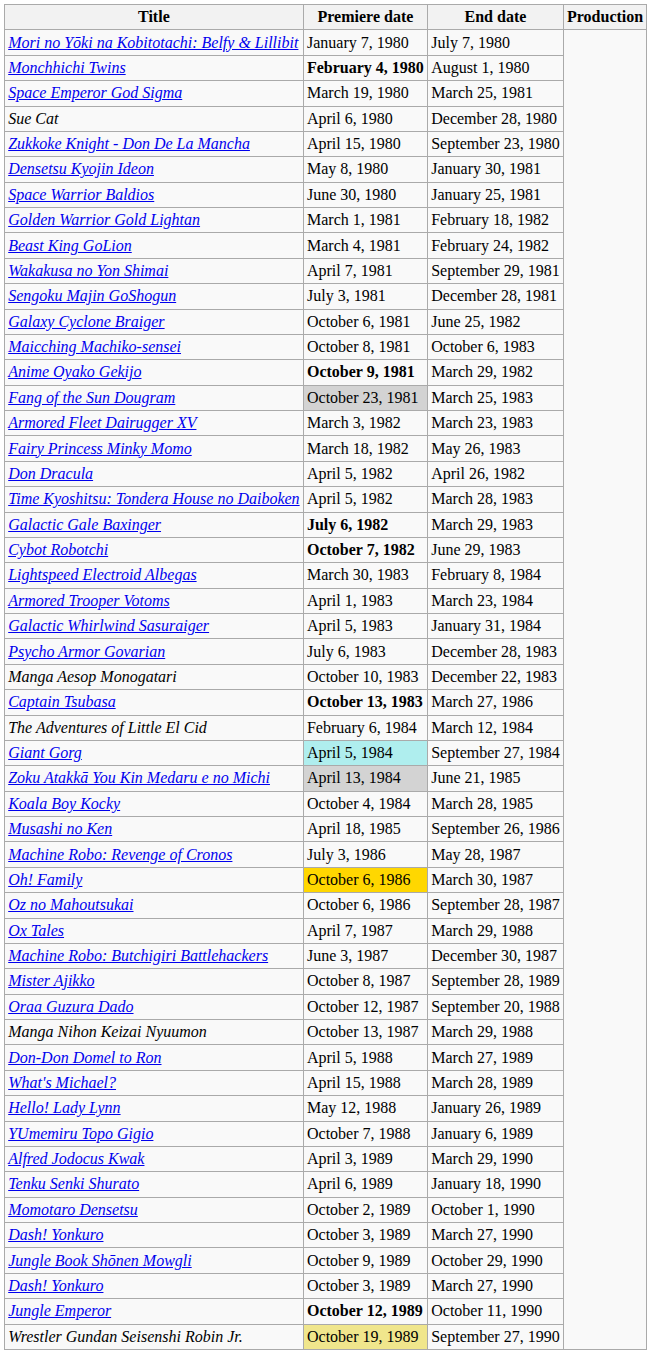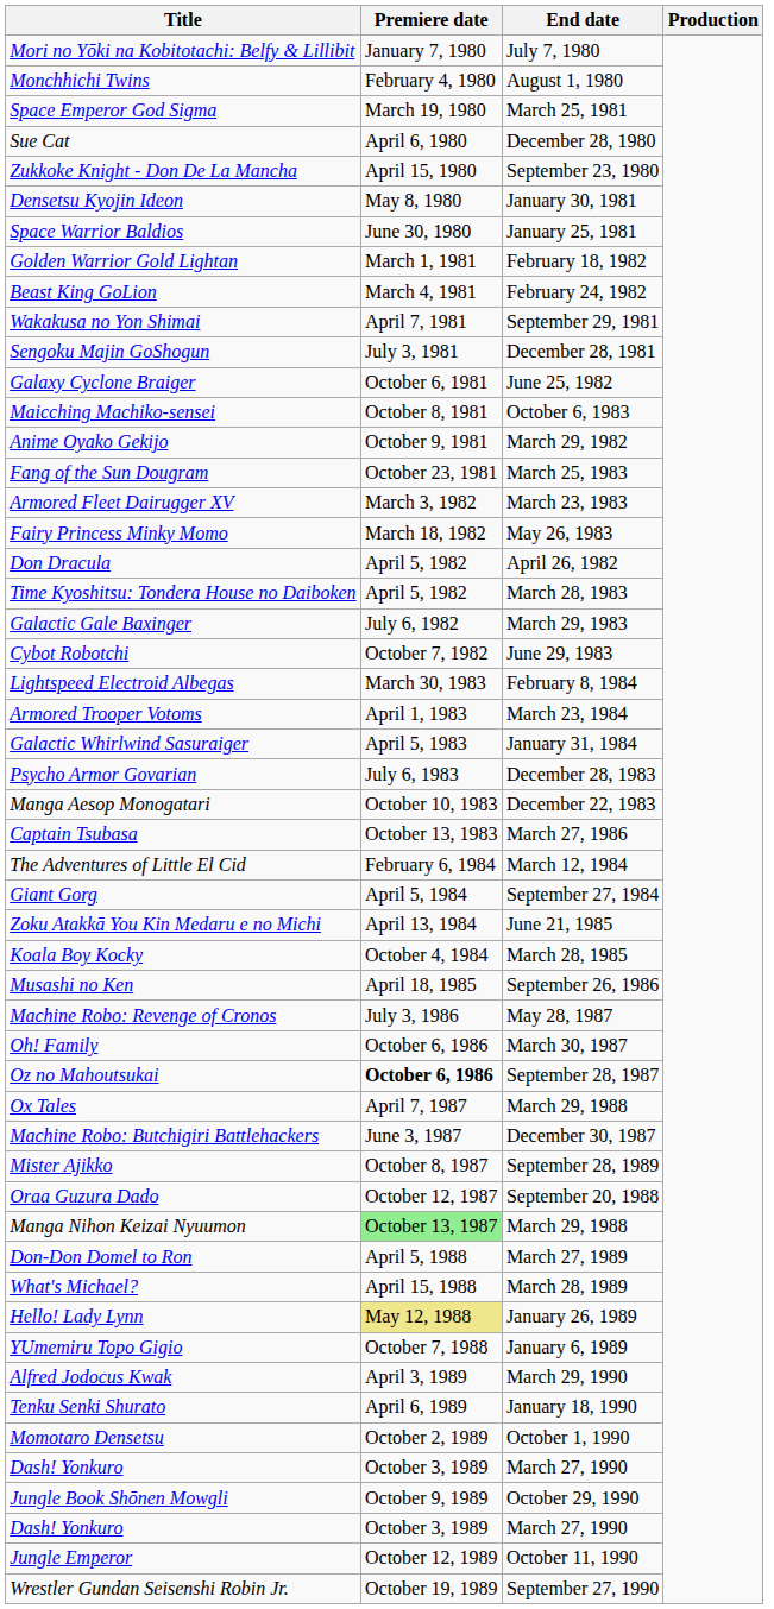 <table class="wikitable sortable">
 <tr>
 <th>Title</th>
 <th>Premiere date</th>
 <th>End date</th>
 <th>Production</th>
 </tr>
 <tr>
 <td><em><a href='#'>Mori no Yōki na Kobitotachi: Belfy & Lillibit</a></em></td>
 <td>January 7, 1980</td>
 <td>July 7, 1980</td>
 </tr>
 <tr>
 <td><em><a href='#'>Monchhichi Twins</a></em></td>
-<td><strong>February 4, 1980</strong></td>
+<td>February 4, 1980</td>
 <td>August 1, 1980</td>
 </tr>
 <tr>
 <td><em><a href='#'>Space Emperor God Sigma</a></em></td>
 <td>March 19, 1980</td>
 <td>March 25, 1981</td>
 </tr>
 <tr>
 <td><em>Sue Cat</em></td>
 <td>April 6, 1980</td>
 <td>December 28, 1980</td>
 </tr>
 <tr>
 <td><em><a href='#'>Zukkoke Knight - Don De La Mancha</a></em></td>
 <td>April 15, 1980</td>
 <td>September 23, 1980</td>
 </tr>
 <tr>
 <td><em><a href='#'>Densetsu Kyojin Ideon</a></em></td>
 <td>May 8, 1980</td>
 <td>January 30, 1981</td>
 </tr>
 <tr>
 <td><em><a href='#'>Space Warrior Baldios</a></em></td>
 <td>June 30, 1980</td>
 <td>January 25, 1981</td>
 </tr>
 <tr>
 <td><em><a href='#'>Golden Warrior Gold Lightan</a></em></td>
 <td>March 1, 1981</td>
 <td>February 18, 1982</td>
 </tr>
 <tr>
 <td><em><a href='#'>Beast King GoLion</a></em></td>
 <td>March 4, 1981</td>
 <td>February 24, 1982</td>
 </tr>
 <tr>
 <td><em><a href='#'>Wakakusa no Yon Shimai</a></em></td>
 <td>April 7, 1981</td>
 <td>September 29, 1981</td>
 </tr>
 <tr>
 <td><em><a href='#'>Sengoku Majin GoShogun</a></em></td>
 <td>July 3, 1981</td>
 <td>December 28, 1981</td>
 </tr>
 <tr>
 <td><em><a href='#'>Galaxy Cyclone Braiger</a></em></td>
 <td>October 6, 1981</td>
 <td>June 25, 1982</td>
 </tr>
 <tr>
 <td><em><a href='#'>Maicching Machiko-sensei</a></em></td>
 <td>October 8, 1981</td>
 <td>October 6, 1983</td>
 </tr>
 <tr>
 <td><em><a href='#'>Anime Oyako Gekijo</a></em></td>
-<td><strong>October 9, 1981</strong></td>
+<td>October 9, 1981</td>
 <td>March 29, 1982</td>
 </tr>
 <tr>
 <td><em><a href='#'>Fang of the Sun Dougram</a></em></td>
-<td style="background: lightgrey;">October 23, 1981</td>
+<td>October 23, 1981</td>
 <td>March 25, 1983</td>
 </tr>
 <tr>
 <td><em><a href='#'>Armored Fleet Dairugger XV</a></em></td>
 <td>March 3, 1982</td>
 <td>March 23, 1983</td>
 </tr>
 <tr>
 <td><em><a href='#'>Fairy Princess Minky Momo</a></em></td>
 <td>March 18, 1982</td>
 <td>May 26, 1983</td>
 </tr>
 <tr>
 <td><em><a href='#'>Don Dracula</a></em></td>
 <td>April 5, 1982</td>
 <td>April 26, 1982</td>
 </tr>
 <tr>
 <td><em><a href='#'>Time Kyoshitsu: Tondera House no Daiboken</a></em></td>
 <td>April 5, 1982</td>
 <td>March 28, 1983</td>
 </tr>
 <tr>
 <td><em><a href='#'>Galactic Gale Baxinger</a></em></td>
-<td><strong>July 6, 1982</strong></td>
+<td>July 6, 1982</td>
 <td>March 29, 1983</td>
 </tr>
 <tr>
 <td><em><a href='#'>Cybot Robotchi</a></em></td>
-<td><strong>October 7, 1982</strong></td>
+<td>October 7, 1982</td>
 <td>June 29, 1983</td>
 </tr>
 <tr>
 <td><em><a href='#'>Lightspeed Electroid Albegas</a></em></td>
 <td>March 30, 1983</td>
 <td>February 8, 1984</td>
 </tr>
 <tr>
 <td><em><a href='#'>Armored Trooper Votoms</a></em></td>
 <td>April 1, 1983</td>
 <td>March 23, 1984</td>
 </tr>
 <tr>
 <td><em><a href='#'>Galactic Whirlwind Sasuraiger</a></em></td>
 <td>April 5, 1983</td>
 <td>January 31, 1984</td>
 </tr>
 <tr>
 <td><em><a href='#'>Psycho Armor Govarian</a></em></td>
 <td>July 6, 1983</td>
 <td>December 28, 1983</td>
 </tr>
 <tr>
 <td><em>Manga Aesop Monogatari</em></td>
 <td>October 10, 1983</td>
 <td>December 22, 1983</td>
 </tr>
 <tr>
 <td><em><a href='#'>Captain Tsubasa</a></em></td>
-<td><strong>October 13, 1983</strong></td>
+<td>October 13, 1983</td>
 <td>March 27, 1986</td>
 </tr>
 <tr>
 <td><em>The Adventures of Little El Cid</em></td>
 <td>February 6, 1984</td>
 <td>March 12, 1984</td>
 </tr>
 <tr>
 <td><em><a href='#'>Giant Gorg</a></em></td>
-<td style="background: paleturquoise;">April 5, 1984</td>
+<td>April 5, 1984</td>
 <td>September 27, 1984</td>
 </tr>
 <tr>
 <td><em><a href='#'>Zoku Atakkā You Kin Medaru e no Michi</a></em></td>
-<td style="background: lightgrey;">April 13, 1984</td>
+<td>April 13, 1984</td>
 <td>June 21, 1985</td>
 </tr>
 <tr>
 <td><em><a href='#'>Koala Boy Kocky</a></em></td>
 <td>October 4, 1984</td>
 <td>March 28, 1985</td>
 </tr>
 <tr>
 <td><em><a href='#'>Musashi no Ken</a></em></td>
 <td>April 18, 1985</td>
 <td>September 26, 1986</td>
 </tr>
 <tr>
 <td><em><a href='#'>Machine Robo: Revenge of Cronos</a></em></td>
 <td>July 3, 1986</td>
 <td>May 28, 1987</td>
 </tr>
 <tr>
 <td><em><a href='#'>Oh! Family</a></em></td>
-<td style="background: gold;">October 6, 1986</td>
+<td>October 6, 1986</td>
 <td>March 30, 1987</td>
 </tr>
 <tr>
 <td><em><a href='#'>Oz no Mahoutsukai</a></em></td>
-<td>October 6, 1986</td>
+<td><strong>October 6, 1986</strong></td>
 <td>September 28, 1987</td>
 </tr>
 <tr>
 <td><em><a href='#'>Ox Tales</a></em></td>
 <td>April 7, 1987</td>
 <td>March 29, 1988</td>
 </tr>
 <tr>
 <td><em><a href='#'>Machine Robo: Butchigiri Battlehackers</a></em></td>
 <td>June 3, 1987</td>
 <td>December 30, 1987</td>
 </tr>
 <tr>
 <td><em><a href='#'>Mister Ajikko</a></em></td>
 <td>October 8, 1987</td>
 <td>September 28, 1989</td>
 </tr>
 <tr>
 <td><em><a href='#'>Oraa Guzura Dado</a></em></td>
 <td>October 12, 1987</td>
 <td>September 20, 1988</td>
 </tr>
 <tr>
 <td><em>Manga Nihon Keizai Nyuumon</em></td>
-<td>October 13, 1987</td>
+<td style="background: lightgreen;">October 13, 1987</td>
 <td>March 29, 1988</td>
 </tr>
 <tr>
 <td><em><a href='#'>Don-Don Domel to Ron</a></em></td>
 <td>April 5, 1988</td>
 <td>March 27, 1989</td>
 </tr>
 <tr>
 <td><em><a href='#'>What's Michael?</a></em></td>
 <td>April 15, 1988</td>
 <td>March 28, 1989</td>
 </tr>
 <tr>
 <td><em><a href='#'>Hello! Lady Lynn</a></em></td>
-<td>May 12, 1988</td>
+<td style="background: khaki;">May 12, 1988</td>
 <td>January 26, 1989</td>
 </tr>
 <tr>
 <td><em><a href='#'>YUmemiru Topo Gigio</a></em></td>
 <td>October 7, 1988</td>
 <td>January 6, 1989</td>
 </tr>
 <tr>
 <td><em><a href='#'>Alfred Jodocus Kwak</a></em></td>
 <td>April 3, 1989</td>
 <td>March 29, 1990</td>
 </tr>
 <tr>
 <td><em><a href='#'>Tenku Senki Shurato</a></em></td>
 <td>April 6, 1989</td>
 <td>January 18, 1990</td>
 </tr>
 <tr>
 <td><em><a href='#'>Momotaro Densetsu</a></em></td>
 <td>October 2, 1989</td>
 <td>October 1, 1990</td>
 </tr>
 <tr>
 <td><em><a href='#'>Dash! Yonkuro</a></em></td>
 <td>October 3, 1989</td>
 <td>March 27, 1990</td>
 </tr>
 <tr>
 <td><em><a href='#'>Jungle Book Shōnen Mowgli</a></em></td>
 <td>October 9, 1989</td>
 <td>October 29, 1990</td>
 </tr>
 <tr>
 <td><em><a href='#'>Dash! Yonkuro</a></em></td>
 <td>October 3, 1989</td>
 <td>March 27, 1990</td>
 </tr>
 <tr>
 <td><em><a href='#'>Jungle Emperor</a></em></td>
-<td><strong>October 12, 1989</strong></td>
+<td>October 12, 1989</td>
 <td>October 11, 1990</td>
 </tr>
 <tr>
 <td><em>Wrestler Gundan Seisenshi Robin Jr.</em></td>
-<td style="background: khaki;">October 19, 1989</td>
+<td>October 19, 1989</td>
 <td>September 27, 1990</td>
 </tr>
 </table>
